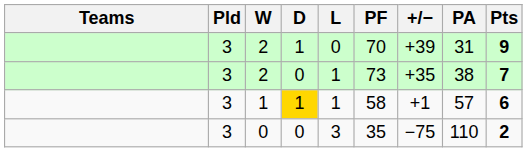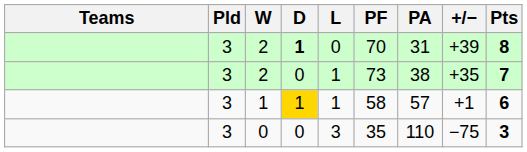 <table class="wikitable" style="text-align: center;">
 <tr>
 <th width="175">Teams</th>
 <th width="25">Pld</th>
 <th width="25">W</th>
 <th width="25">D</th>
 <th width="25">L</th>
 <th width="32">PF</th>
+<th width="32">PA</th>
 <th width="32">+/−</th>
-<th width="32">PA</th>
 <th width="25">Pts</th>
 </tr>
 <tr bgcolor=ccffcc>
 <td align=left></td>
 <td>3</td>
 <td>2</td>
-<td>1</td>
+<td><strong>1</strong></td>
 <td>0</td>
 <td>70</td>
+<td>31</td>
 <td>+39</td>
-<td>31</td>
-<td><strong>9</strong></td>
+<td><strong>8</strong></td>
 </tr>
 <tr bgcolor=ccffcc>
 <td align=left></td>
 <td>3</td>
 <td>2</td>
 <td>0</td>
 <td>1</td>
 <td>73</td>
+<td>38</td>
 <td>+35</td>
-<td>38</td>
 <td><strong>7</strong></td>
 </tr>
 <tr>
 <td align=left></td>
 <td>3</td>
 <td>1</td>
 <td style="background: gold;">1</td>
 <td>1</td>
 <td>58</td>
+<td>57</td>
 <td>+1</td>
-<td>57</td>
 <td><strong>6</strong></td>
 </tr>
 <tr>
 <td align=left></td>
 <td>3</td>
 <td>0</td>
 <td>0</td>
 <td>3</td>
 <td>35</td>
+<td>110</td>
 <td>−75</td>
-<td>110</td>
-<td><strong>2</strong></td>
+<td><strong>3</strong></td>
 </tr>
 </table>
